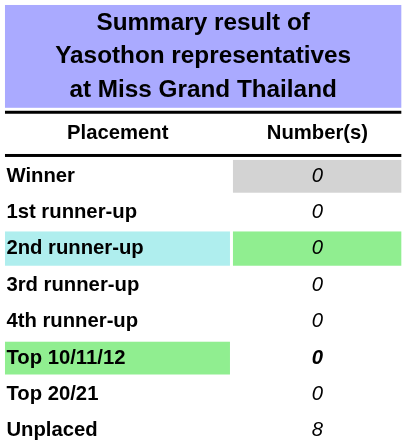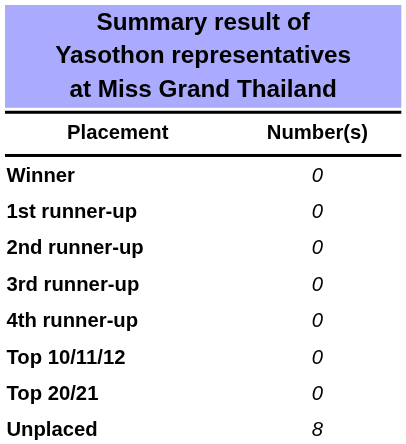 <table style="width: 270px; font-size:85%; line-height:1.5em;">
 <tr>
 <th colspan="2" align="center" style="background:#AAF;"><big>Summary result of<br>Yasothon representatives<br>at Miss Grand Thailand</big></th>
 </tr>
 <tr>
 <td colspan="2" style="background:black"></td>
 </tr>
 <tr>
 <th scope="col">Placement</th>
 <th scope="col">Number(s)</th>
 </tr>
 <tr>
 <td colspan="2" style="background:black"></td>
 </tr>
 <tr>
 <td align="left"><strong>Winner</strong></td>
-<td align="center" style="background: lightgrey;"><em>0</em></td>
+<td align="center"><em>0</em></td>
 </tr>
 <tr>
 <td align="left"><strong>1st runner-up</strong></td>
 <td align="center"><em>0</em></td>
 </tr>
 <tr>
-<td align="left" style="background: paleturquoise;"><strong>2nd runner-up</strong></td>
-<td align="center" style="background: lightgreen;"><em>0</em></td>
+<td align="left"><strong>2nd runner-up</strong></td>
+<td align="center"><em>0</em></td>
 </tr>
 <tr>
 <td align="left"><strong>3rd runner-up</strong></td>
 <td align="center"><em>0</em></td>
 </tr>
 <tr>
 <td align="left"><strong>4th runner-up</strong></td>
 <td align="center"><em>0</em></td>
 </tr>
 <tr>
-<td align="left" style="background: lightgreen;"><strong>Top 10/11/12</strong></td>
-<td align="center"><strong><em>0</em></strong></td>
+<td align="left"><strong>Top 10/11/12</strong></td>
+<td align="center"><em>0</em></td>
 </tr>
 <tr>
 <td align="left"><strong>Top 20/21</strong></td>
 <td align="center"><em>0</em></td>
 </tr>
 <tr>
 <td align="left"><strong>Unplaced</strong></td>
 <td align="center"><em>8</em></td>
 </tr>
 </table>
